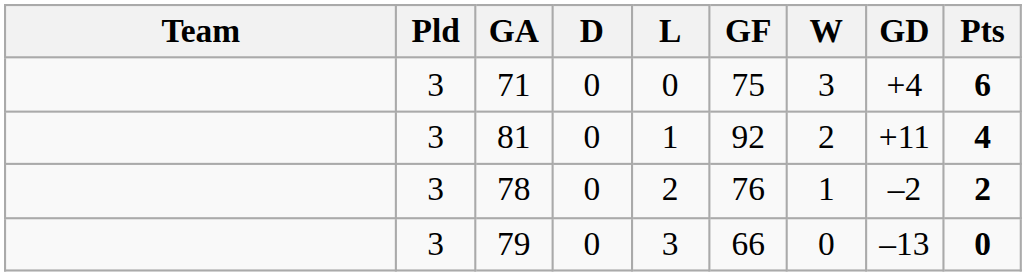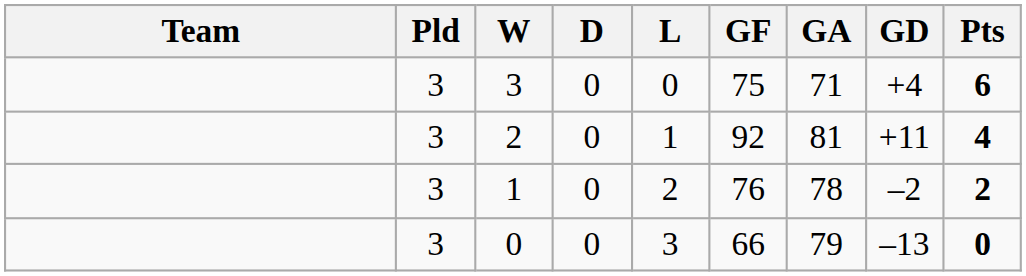 <table class="wikitable" style="text-align: center;">
 <tr>
 <th width="180">Team</th>
 <th width="30">Pld</th>
-<th width="30">GA</th>
+<th width="30">W</th>
 <th width="30">D</th>
 <th width="30">L</th>
 <th width="30">GF</th>
-<th width="30">W</th>
+<th width="30">GA</th>
 <th width="30">GD</th>
 <th width="30">Pts</th>
 </tr>
 <tr>
 <td align="left"></td>
 <td>3</td>
-<td>71</td>
+<td>3</td>
 <td>0</td>
 <td>0</td>
 <td>75</td>
-<td>3</td>
+<td>71</td>
 <td>+4</td>
 <td><strong>6</strong></td>
 </tr>
 <tr>
 <td align="left"></td>
 <td>3</td>
-<td>81</td>
+<td>2</td>
 <td>0</td>
 <td>1</td>
 <td>92</td>
-<td>2</td>
+<td>81</td>
 <td>+11</td>
 <td><strong>4</strong></td>
 </tr>
 <tr>
 <td align="left"></td>
 <td>3</td>
-<td>78</td>
+<td>1</td>
 <td>0</td>
 <td>2</td>
 <td>76</td>
-<td>1</td>
+<td>78</td>
 <td>–2</td>
 <td><strong>2</strong></td>
 </tr>
 <tr>
 <td align="left"></td>
 <td>3</td>
-<td>79</td>
+<td>0</td>
 <td>0</td>
 <td>3</td>
 <td>66</td>
-<td>0</td>
+<td>79</td>
 <td>–13</td>
 <td><strong>0</strong></td>
 </tr>
 </table>
